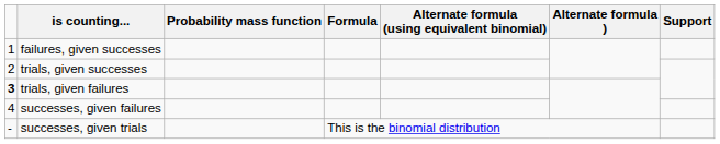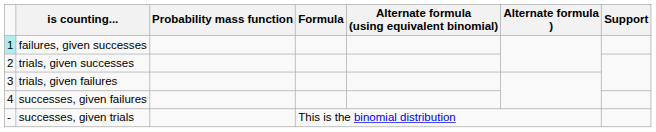 <table class="wikitable">
 <tr>
 <td></td>
 <th> is counting...</th>
 <th>Probability mass function</th>
 <th>Formula</th>
 <th>Alternate formula<br>(using equivalent binomial)</th>
 <th>Alternate formula<br>)</th>
 <th>Support</th>
 </tr>
 <tr>
-<td>1</td>
+<td style="background: paleturquoise;">1</td>
 <td> failures, given  successes</td>
 <td></td>
 <td></td>
 <td><br></td>
 <td rowspan="2"></td>
 <td></td>
 </tr>
 <tr>
 <td>2</td>
 <td> trials, given  successes</td>
 <td></td>
 <td></td>
 <td></td>
 <td rowspan="2"></td>
 </tr>
 <tr>
-<td><strong>3</strong></td>
+<td>3</td>
 <td> trials, given  failures</td>
 <td></td>
 <td></td>
 <td></td>
 <td rowspan="2"></td>
 </tr>
 <tr>
 <td>4</td>
 <td> successes, given  failures</td>
 <td></td>
 <td></td>
 <td></td>
 <td></td>
 </tr>
 <tr>
 <td>-</td>
 <td> successes, given  trials</td>
 <td></td>
 <td colspan="3">This is the <a href='#'>binomial distribution</a></td>
 <td></td>
 </tr>
 </table>
